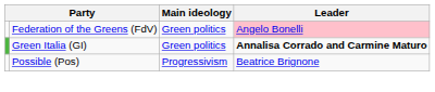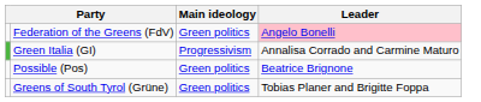 <table class="wikitable" style="font-size:100%">
 <tr>
 <th colspan=2>Party</th>
 <th>Main ideology</th>
 <th>Leader</th>
 </tr>
 <tr>
 <td></td>
 <td><a href='#'>Federation of the Greens</a> (FdV)</td>
 <td><a href='#'>Green politics</a></td>
 <td style="background: pink;"><a href='#'>Angelo Bonelli</a></td>
 </tr>
 <tr>
 <td bgcolor="#4CB640"></td>
 <td><a href='#'>Green Italia</a> (GI)</td>
-<td><a href='#'>Green politics</a></td>
-<td><strong>Annalisa Corrado and Carmine Maturo</strong></td>
+<td><a href='#'>Progressivism</a></td>
+<td>Annalisa Corrado and Carmine Maturo</td>
 </tr>
 <tr>
 <td></td>
 <td><a href='#'>Possible</a> (Pos)</td>
-<td><a href='#'>Progressivism</a></td>
+<td><a href='#'>Green politics</a></td>
 <td><a href='#'>Beatrice Brignone</a></td>
 </tr>
+<tr>
+<td></td>
+<td><a href='#'>Greens of South Tyrol</a> (Grüne)</td>
+<td><a href='#'>Green politics</a></td>
+<td>Tobias Planer and Brigitte Foppa</td>
+</tr>
 </table>
